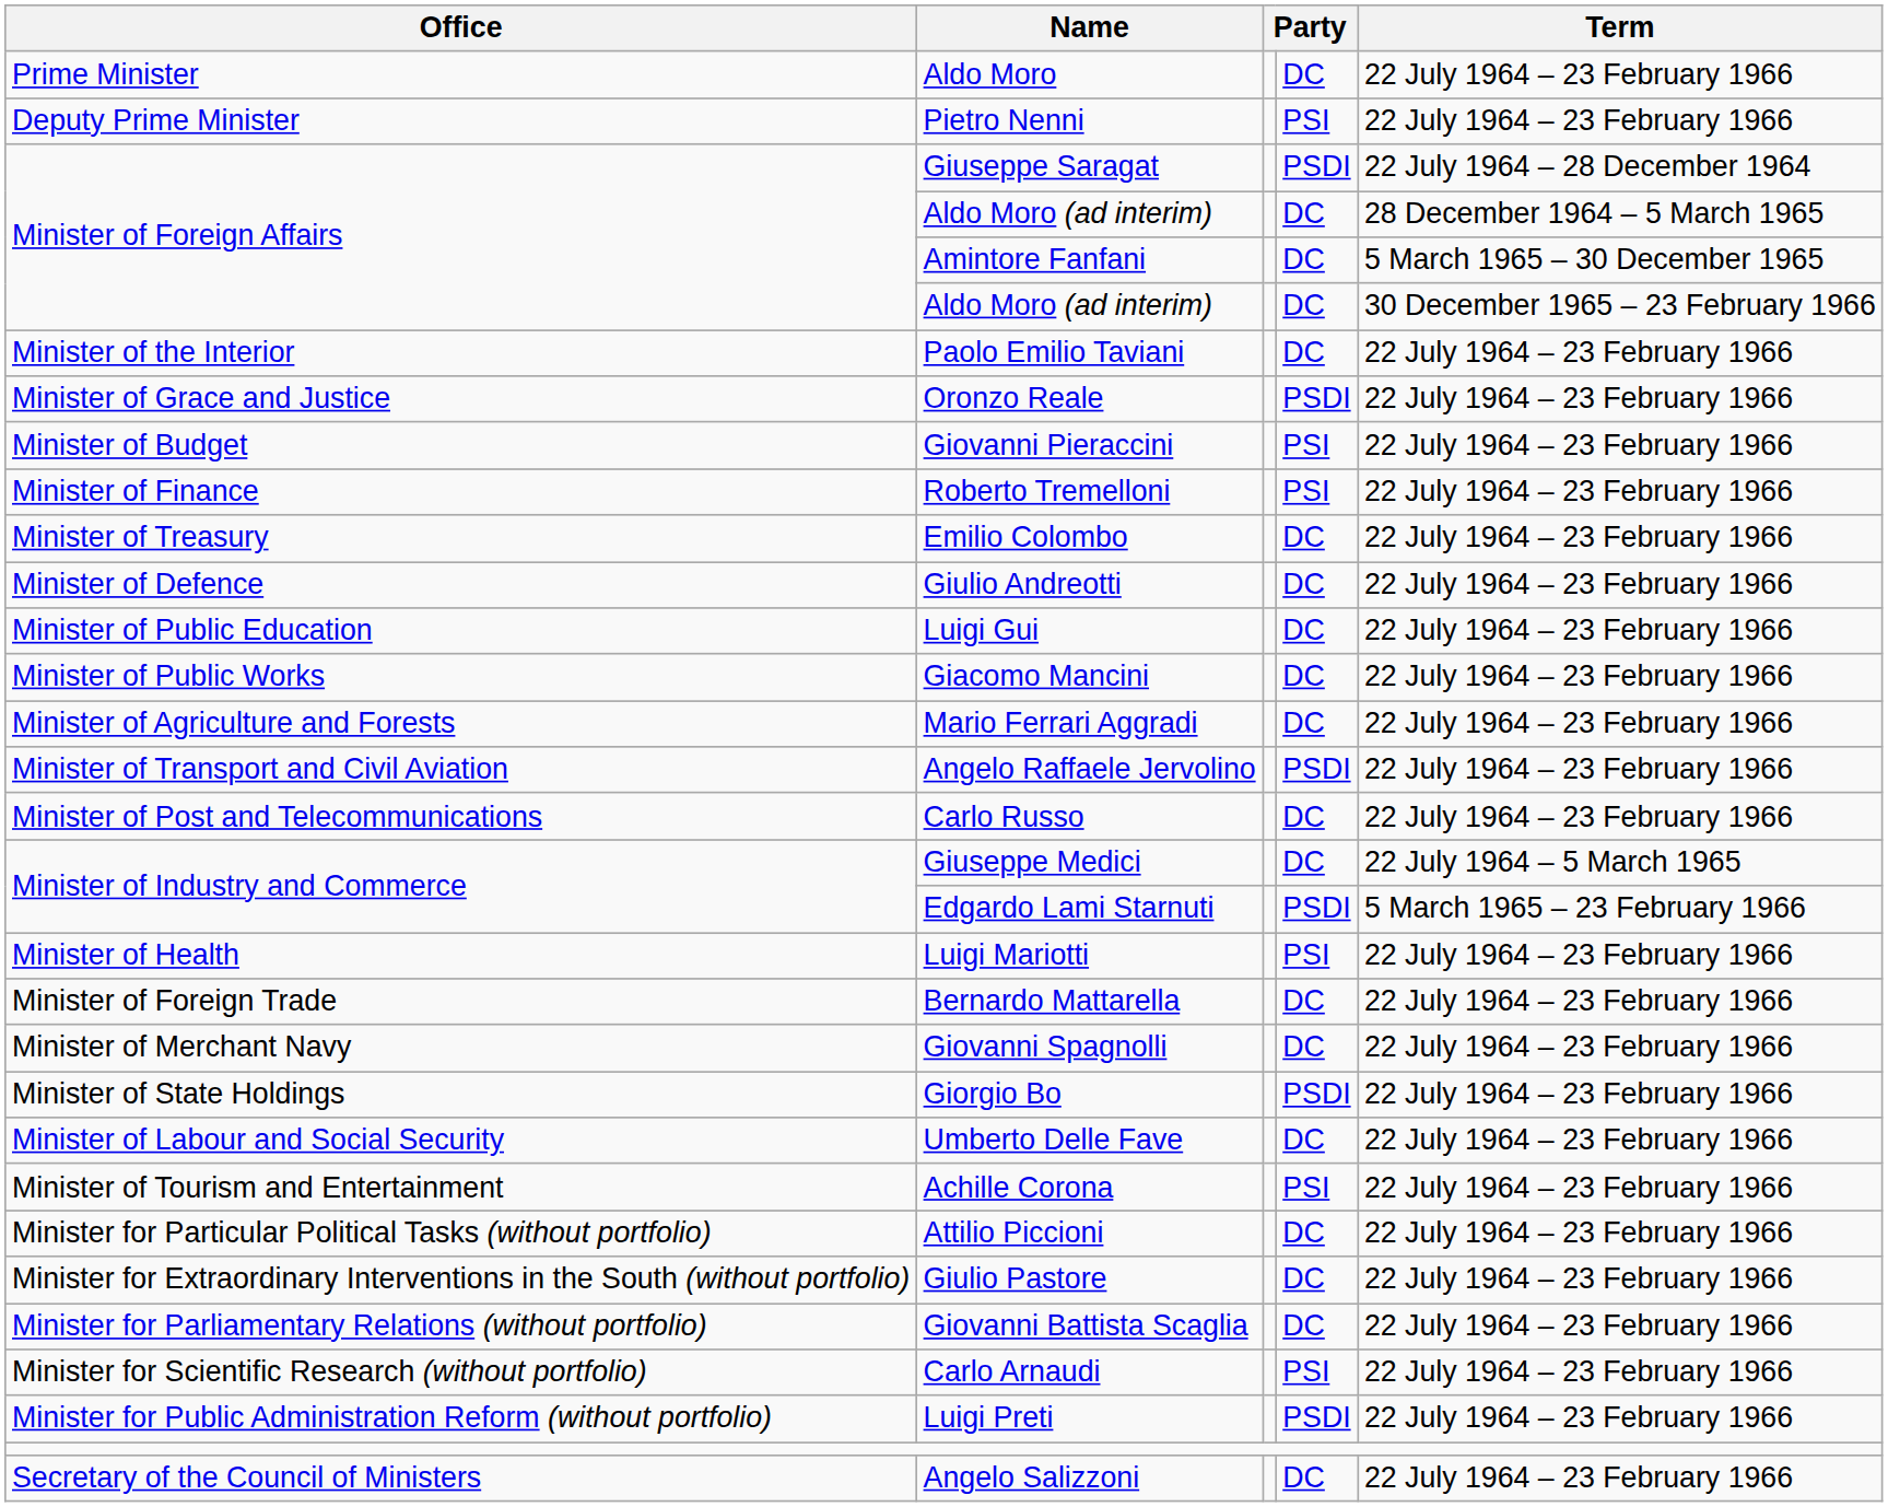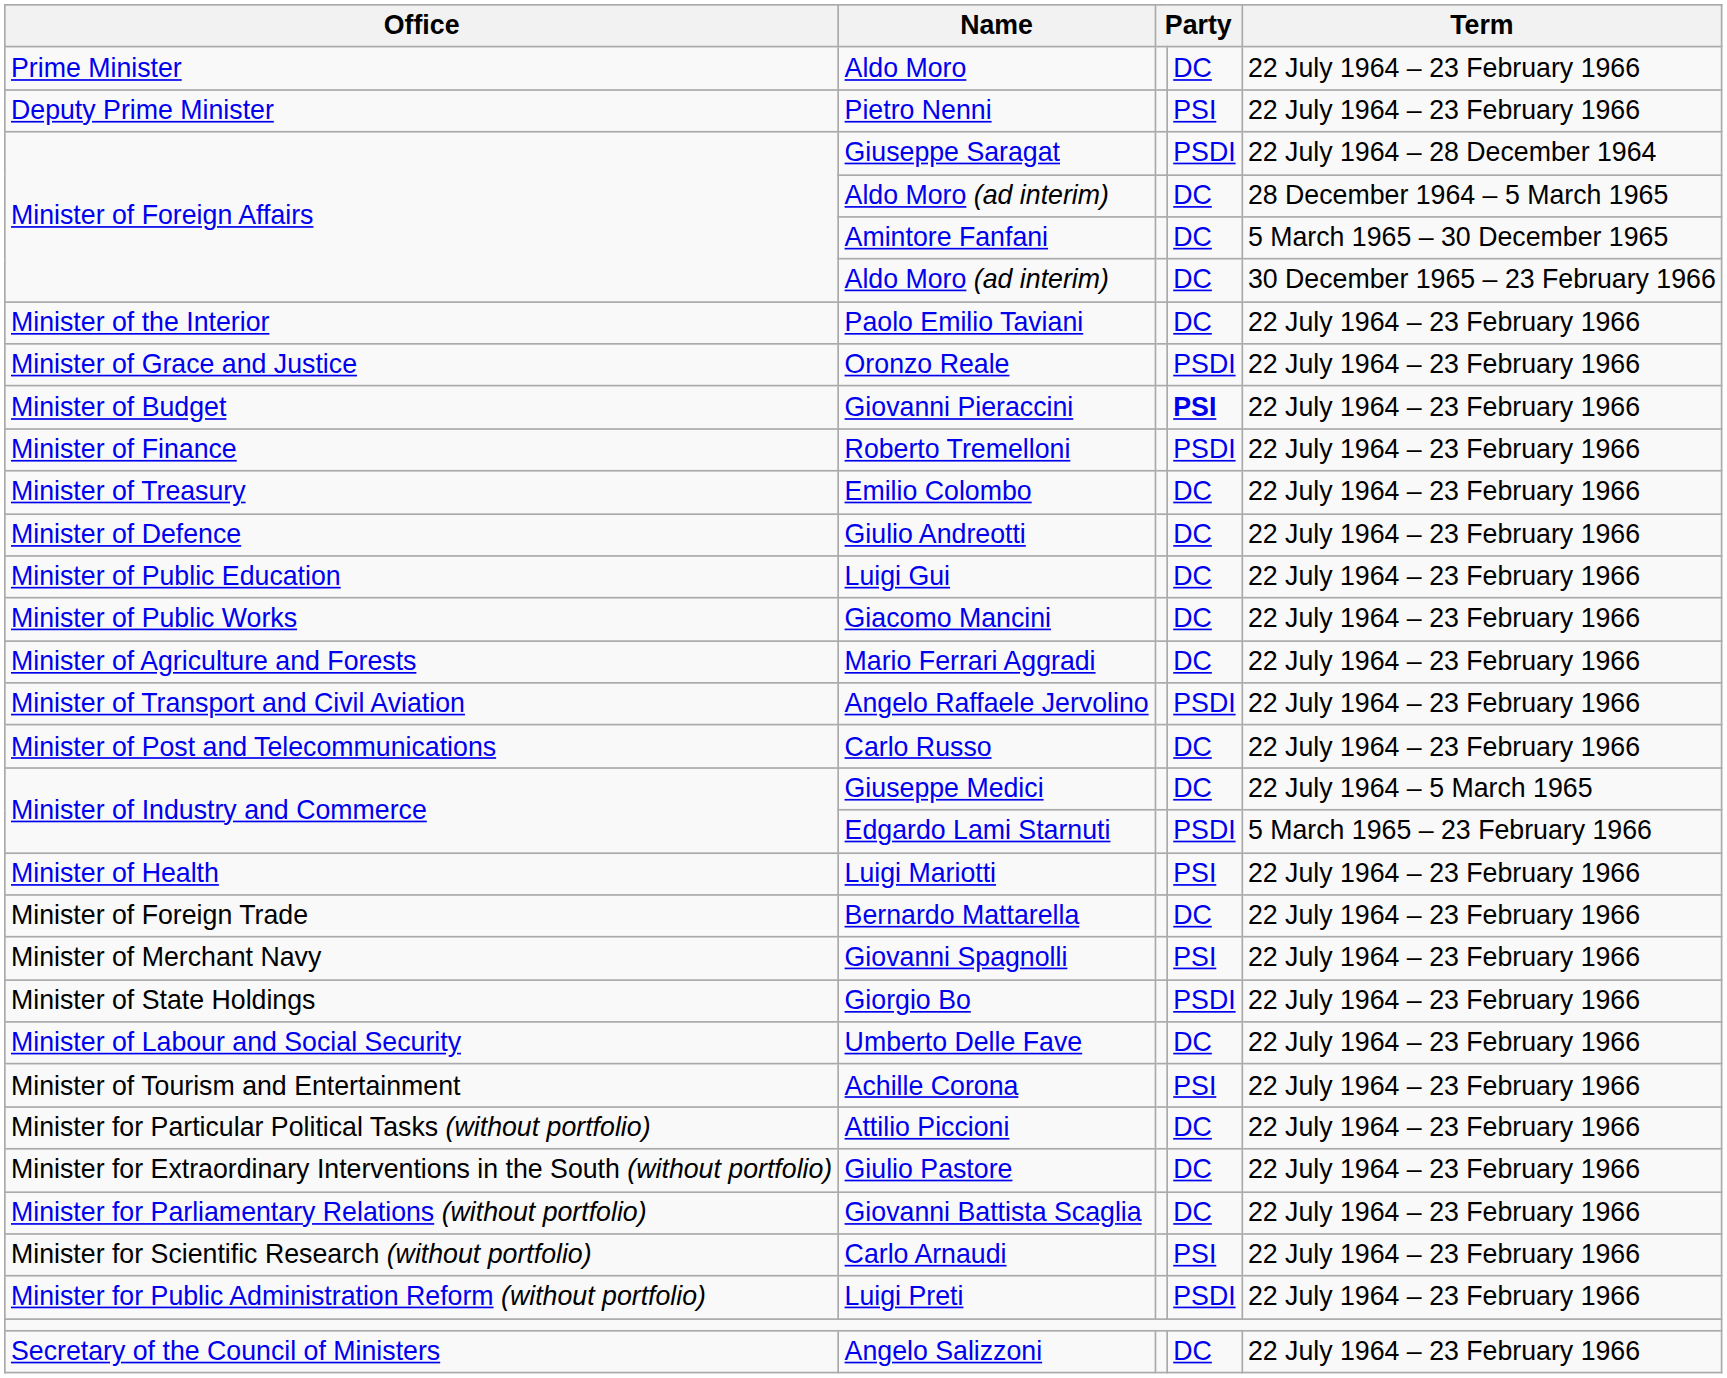 <table class="wikitable" style="font-size: 100%;">
 <tr>
 <th>Office</th>
 <th>Name</th>
 <th colspan=2>Party</th>
 <th>Term</th>
 </tr>
 <tr>
 <td><a href='#'>Prime Minister</a></td>
 <td><a href='#'>Aldo Moro</a></td>
 <td style="color:inherit;background:"></td>
 <td><a href='#'>DC</a></td>
 <td>22 July 1964 – 23 February 1966</td>
 </tr>
 <tr>
 <td><a href='#'>Deputy Prime Minister</a></td>
 <td><a href='#'>Pietro Nenni</a></td>
 <td style="color:inherit;background:"></td>
 <td><a href='#'>PSI</a></td>
 <td>22 July 1964 – 23 February 1966</td>
 </tr>
 <tr>
 <td rowspan=4><a href='#'>Minister of Foreign Affairs</a></td>
 <td><a href='#'>Giuseppe Saragat</a></td>
 <td style="color:inherit;background:"></td>
 <td><a href='#'>PSDI</a></td>
 <td>22 July 1964 – 28 December 1964</td>
 </tr>
 <tr>
 <td><a href='#'>Aldo Moro</a> <em>(ad interim)</em></td>
 <td style="color:inherit;background:"></td>
 <td><a href='#'>DC</a></td>
 <td>28 December 1964 – 5 March 1965</td>
 </tr>
 <tr>
 <td><a href='#'>Amintore Fanfani</a></td>
 <td style="color:inherit;background:"></td>
 <td><a href='#'>DC</a></td>
 <td>5 March 1965 – 30 December 1965</td>
 </tr>
 <tr>
 <td><a href='#'>Aldo Moro</a> <em>(ad interim)</em></td>
 <td style="color:inherit;background:"></td>
 <td><a href='#'>DC</a></td>
 <td>30 December 1965 – 23 February 1966</td>
 </tr>
 <tr>
 <td><a href='#'>Minister of the Interior</a></td>
 <td><a href='#'>Paolo Emilio Taviani</a></td>
 <td style="color:inherit;background:"></td>
 <td><a href='#'>DC</a></td>
 <td>22 July 1964 – 23 February 1966</td>
 </tr>
 <tr>
 <td><a href='#'>Minister of Grace and Justice</a></td>
 <td><a href='#'>Oronzo Reale</a></td>
 <td style="color:inherit;background:"></td>
 <td><a href='#'>PSDI</a></td>
 <td>22 July 1964 – 23 February 1966</td>
 </tr>
 <tr>
 <td><a href='#'>Minister of Budget</a></td>
 <td><a href='#'>Giovanni Pieraccini</a></td>
 <td style="color:inherit;background:"></td>
-<td><a href='#'>PSI</a></td>
+<td><strong><a href='#'>PSI</a></strong></td>
 <td>22 July 1964 – 23 February 1966</td>
 </tr>
 <tr>
 <td><a href='#'>Minister of Finance</a></td>
 <td><a href='#'>Roberto Tremelloni</a></td>
 <td style="color:inherit;background:"></td>
-<td><a href='#'>PSI</a></td>
+<td><a href='#'>PSDI</a></td>
 <td>22 July 1964 – 23 February 1966</td>
 </tr>
 <tr>
 <td><a href='#'>Minister of Treasury</a></td>
 <td><a href='#'>Emilio Colombo</a></td>
 <td style="color:inherit;background:"></td>
 <td><a href='#'>DC</a></td>
 <td>22 July 1964 – 23 February 1966</td>
 </tr>
 <tr>
 <td><a href='#'>Minister of Defence</a></td>
 <td><a href='#'>Giulio Andreotti</a></td>
 <td style="color:inherit;background:"></td>
 <td><a href='#'>DC</a></td>
 <td>22 July 1964 – 23 February 1966</td>
 </tr>
 <tr>
 <td><a href='#'>Minister of Public Education</a></td>
 <td><a href='#'>Luigi Gui</a></td>
 <td style="color:inherit;background:"></td>
 <td><a href='#'>DC</a></td>
 <td>22 July 1964 – 23 February 1966</td>
 </tr>
 <tr>
 <td><a href='#'>Minister of Public Works</a></td>
 <td><a href='#'>Giacomo Mancini</a></td>
 <td style="color:inherit;background:"></td>
 <td><a href='#'>DC</a></td>
 <td>22 July 1964 – 23 February 1966</td>
 </tr>
 <tr>
 <td><a href='#'>Minister of Agriculture and Forests</a></td>
 <td><a href='#'>Mario Ferrari Aggradi</a></td>
 <td style="color:inherit;background:"></td>
 <td><a href='#'>DC</a></td>
 <td>22 July 1964 – 23 February 1966</td>
 </tr>
 <tr>
 <td><a href='#'>Minister of Transport and Civil Aviation</a></td>
 <td><a href='#'>Angelo Raffaele Jervolino</a></td>
 <td style="color:inherit;background:"></td>
 <td><a href='#'>PSDI</a></td>
 <td>22 July 1964 – 23 February 1966</td>
 </tr>
 <tr>
 <td><a href='#'>Minister of Post and Telecommunications</a></td>
 <td><a href='#'>Carlo Russo</a></td>
 <td style="color:inherit;background:"></td>
 <td><a href='#'>DC</a></td>
 <td>22 July 1964 – 23 February 1966</td>
 </tr>
 <tr>
 <td rowspan=2><a href='#'>Minister of Industry and Commerce</a></td>
 <td><a href='#'>Giuseppe Medici</a></td>
 <td style="color:inherit;background:"></td>
 <td><a href='#'>DC</a></td>
 <td>22 July 1964 – 5 March 1965</td>
 </tr>
 <tr>
 <td><a href='#'>Edgardo Lami Starnuti</a></td>
 <td style="color:inherit;background:"></td>
 <td><a href='#'>PSDI</a></td>
 <td>5 March 1965 – 23 February 1966</td>
 </tr>
 <tr>
 <td><a href='#'>Minister of Health</a></td>
 <td><a href='#'>Luigi Mariotti</a></td>
 <td style="color:inherit;background:"></td>
 <td><a href='#'>PSI</a></td>
 <td>22 July 1964 – 23 February 1966</td>
 </tr>
 <tr>
 <td>Minister of Foreign Trade</td>
 <td><a href='#'>Bernardo Mattarella</a></td>
 <td style="color:inherit;background:"></td>
 <td><a href='#'>DC</a></td>
 <td>22 July 1964 – 23 February 1966</td>
 </tr>
 <tr>
 <td>Minister of Merchant Navy</td>
 <td><a href='#'>Giovanni Spagnolli</a></td>
 <td style="color:inherit;background:"></td>
-<td><a href='#'>DC</a></td>
+<td><a href='#'>PSI</a></td>
 <td>22 July 1964 – 23 February 1966</td>
 </tr>
 <tr>
 <td>Minister of State Holdings</td>
 <td><a href='#'>Giorgio Bo</a></td>
 <td style="color:inherit;background:"></td>
 <td><a href='#'>PSDI</a></td>
 <td>22 July 1964 – 23 February 1966</td>
 </tr>
 <tr>
 <td><a href='#'>Minister of Labour and Social Security</a></td>
 <td><a href='#'>Umberto Delle Fave</a></td>
 <td style="color:inherit;background:"></td>
 <td><a href='#'>DC</a></td>
 <td>22 July 1964 – 23 February 1966</td>
 </tr>
 <tr>
 <td>Minister of Tourism and Entertainment</td>
 <td><a href='#'>Achille Corona</a></td>
 <td style="color:inherit;background:"></td>
 <td><a href='#'>PSI</a></td>
 <td>22 July 1964 – 23 February 1966</td>
 </tr>
 <tr>
 <td>Minister for Particular Political Tasks <em>(without portfolio)</em></td>
 <td><a href='#'>Attilio Piccioni</a></td>
 <td style="color:inherit;background:"></td>
 <td><a href='#'>DC</a></td>
 <td>22 July 1964 – 23 February 1966</td>
 </tr>
 <tr>
 <td>Minister for Extraordinary Interventions in the South <em>(without portfolio)</em></td>
 <td><a href='#'>Giulio Pastore</a></td>
 <td style="color:inherit;background:"></td>
 <td><a href='#'>DC</a></td>
 <td>22 July 1964 – 23 February 1966</td>
 </tr>
 <tr>
 <td><a href='#'>Minister for Parliamentary Relations</a> <em>(without portfolio)</em></td>
 <td><a href='#'>Giovanni Battista Scaglia</a></td>
 <td style="color:inherit;background:"></td>
 <td><a href='#'>DC</a></td>
 <td>22 July 1964 – 23 February 1966</td>
 </tr>
 <tr>
 <td>Minister for Scientific Research <em>(without portfolio)</em></td>
 <td><a href='#'>Carlo Arnaudi</a></td>
 <td style="color:inherit;background:"></td>
 <td><a href='#'>PSI</a></td>
 <td>22 July 1964 – 23 February 1966</td>
 </tr>
 <tr>
 <td><a href='#'>Minister for Public Administration Reform</a> <em>(without portfolio)</em></td>
 <td><a href='#'>Luigi Preti</a></td>
 <td style="color:inherit;background:"></td>
 <td><a href='#'>PSDI</a></td>
 <td>22 July 1964 – 23 February 1966</td>
 </tr>
 <tr>
 <td colspan="5"></td>
 </tr>
 <tr>
 <td><a href='#'>Secretary of the Council of Ministers</a></td>
 <td><a href='#'>Angelo Salizzoni</a></td>
 <td style="color:inherit;background:"></td>
 <td><a href='#'>DC</a></td>
 <td>22 July 1964 – 23 February 1966</td>
 </tr>
 </table>
